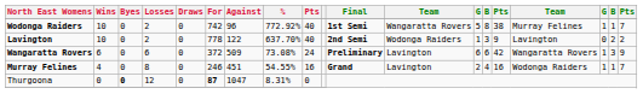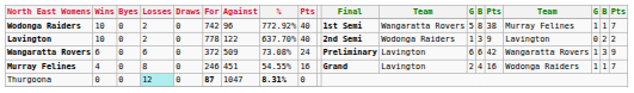 <table style="font-size: 85%; text-align: left;" class="wikitable">
 <tr>
 <th style="color:crimson">North East Womens</th>
 <th style="color:crimson">Wins</th>
 <th style="color:crimson">Byes</th>
 <th style="color:crimson">Losses</th>
 <th style="color:crimson">Draws</th>
 <th style="color:crimson">For</th>
 <th style="color:crimson">Against</th>
 <th style="color:crimson">%</th>
 <th style="color:crimson">Pts</th>
 <th></th>
 <th style="color:green">Final</th>
 <th style="color:green">Team</th>
 <th style="color:green">G</th>
 <th style="color:green">B</th>
 <th style="color:green">Pts</th>
 <th style="color:green">Team</th>
 <th style="color:green">G</th>
 <th style="color:green">B</th>
 <th style="color:green">Pts</th>
 </tr>
 <tr>
 </tr>
 <tr>
 </tr>
 <tr>
 <td><strong> Wodonga Raiders </strong></td>
 <td>10</td>
 <td>0</td>
 <td>2</td>
 <td>0</td>
 <td>742</td>
 <td>96</td>
 <td>772.92%</td>
 <td>40</td>
 <td></td>
 <td><strong>1st Semi</strong></td>
 <td>Wangaratta Rovers</td>
 <td>5</td>
 <td>8</td>
 <td>38</td>
 <td>Murray Felines</td>
 <td>1</td>
 <td>1</td>
 <td>7</td>
 </tr>
 <tr>
 <td><strong> Lavington </strong></td>
 <td>10</td>
 <td>0</td>
 <td>2</td>
 <td>0</td>
 <td>778</td>
 <td>122</td>
 <td>637.70%</td>
 <td>40</td>
 <td></td>
 <td><strong>2nd Semi</strong></td>
 <td>Wodonga Raiders</td>
 <td>1</td>
 <td>3</td>
 <td>9</td>
 <td>Lavington</td>
 <td>0</td>
 <td>2</td>
 <td>2</td>
 </tr>
 <tr>
 <td><strong> Wangaratta Rovers </strong></td>
 <td>6</td>
 <td>0</td>
 <td>6</td>
 <td>0</td>
 <td>372</td>
 <td>509</td>
 <td>73.08%</td>
 <td>24</td>
 <td></td>
 <td><strong>Preliminary</strong></td>
 <td>Lavington</td>
 <td>6</td>
 <td>6</td>
 <td>42</td>
 <td>Wangaratta Rovers</td>
 <td>1</td>
 <td>3</td>
 <td>9</td>
 </tr>
 <tr>
 <td><strong> Murray Felines </strong></td>
 <td>4</td>
 <td>0</td>
 <td>8</td>
 <td>0</td>
 <td>246</td>
 <td>451</td>
 <td>54.55%</td>
 <td>16</td>
 <td></td>
 <td><strong>Grand</strong></td>
 <td>Lavington</td>
 <td>2</td>
 <td>4</td>
 <td>16</td>
 <td>Wodonga Raiders</td>
 <td>1</td>
 <td>1</td>
 <td>7</td>
 </tr>
 <tr>
 <td>Thurgoona</td>
 <td>0</td>
-<td><strong>0</strong></td>
-<td>12</td>
+<td>0</td>
+<td style="background: paleturquoise;">12</td>
 <td>0</td>
 <td><strong>87</strong></td>
 <td>1047</td>
-<td>8.31%</td>
+<td><strong>8.31%</strong></td>
 <td>0</td>
 <td></td>
 </tr>
 <tr>
 </tr>
 </table>
